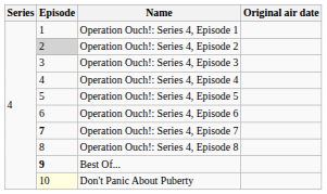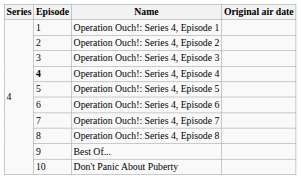 <table class="wikitable">
 <tr>
 <th>Series</th>
 <th>Episode</th>
 <th>Name</th>
 <th>Original air date</th>
 </tr>
 <tr>
 <td rowspan="10">4</td>
 <td>1</td>
 <td>Operation Ouch!: Series 4, Episode 1</td>
 <td></td>
 </tr>
 <tr>
-<td style="background: lightgrey;">2</td>
+<td>2</td>
 <td>Operation Ouch!: Series 4, Episode 2</td>
 <td></td>
 </tr>
 <tr>
 <td>3</td>
 <td>Operation Ouch!: Series 4, Episode 3</td>
 <td></td>
 </tr>
 <tr>
-<td>4</td>
+<td><strong>4</strong></td>
 <td>Operation Ouch!: Series 4, Episode 4</td>
 <td></td>
 </tr>
 <tr>
 <td>5</td>
 <td>Operation Ouch!: Series 4, Episode 5</td>
 <td></td>
 </tr>
 <tr>
 <td>6</td>
 <td>Operation Ouch!: Series 4, Episode 6</td>
 <td></td>
 </tr>
 <tr>
-<td><strong>7</strong></td>
+<td>7</td>
 <td>Operation Ouch!: Series 4, Episode 7</td>
 <td></td>
 </tr>
 <tr>
 <td>8</td>
 <td>Operation Ouch!: Series 4, Episode 8</td>
 <td></td>
 </tr>
 <tr>
-<td><strong>9</strong></td>
+<td>9</td>
 <td>Best Of...</td>
 <td></td>
 </tr>
 <tr>
-<td style="background: lightyellow;">10</td>
+<td>10</td>
 <td>Don't Panic About Puberty</td>
 <td></td>
 </tr>
 </table>
